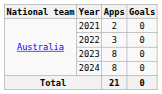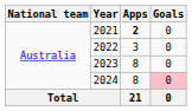 <table class="wikitable" style="text-align:center">
 <tr>
 <th>National team</th>
 <th>Year</th>
 <th>Apps</th>
 <th>Goals</th>
 </tr>
 <tr>
 <td rowspan="4"><a href='#'>Australia</a></td>
 <td>2021</td>
-<td>2</td>
+<td><strong>2</strong></td>
 <td>0</td>
 </tr>
 <tr>
 <td>2022</td>
 <td>3</td>
 <td>0</td>
 </tr>
 <tr>
 <td>2023</td>
 <td>8</td>
 <td>0</td>
 </tr>
 <tr>
 <td>2024</td>
 <td>8</td>
-<td>0</td>
+<td style="background: pink;">0</td>
 </tr>
 <tr>
 <th colspan="2">Total</th>
 <th>21</th>
 <th>0</th>
 </tr>
 </table>
